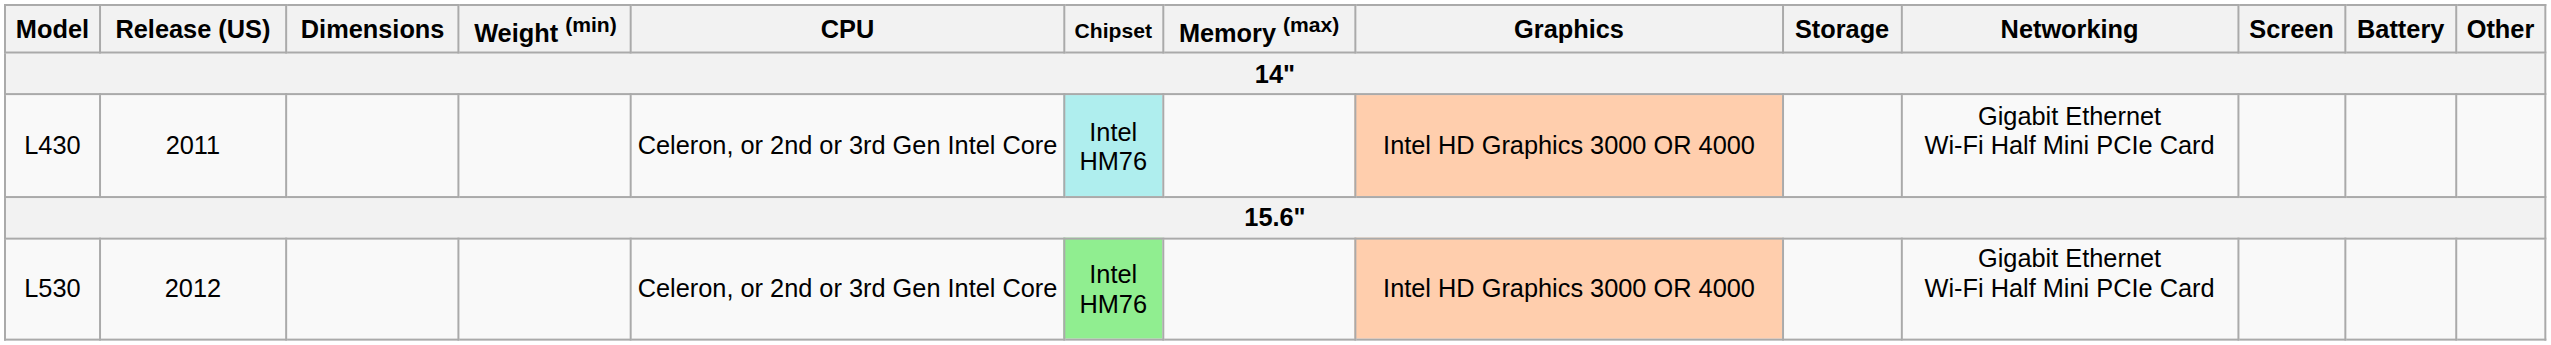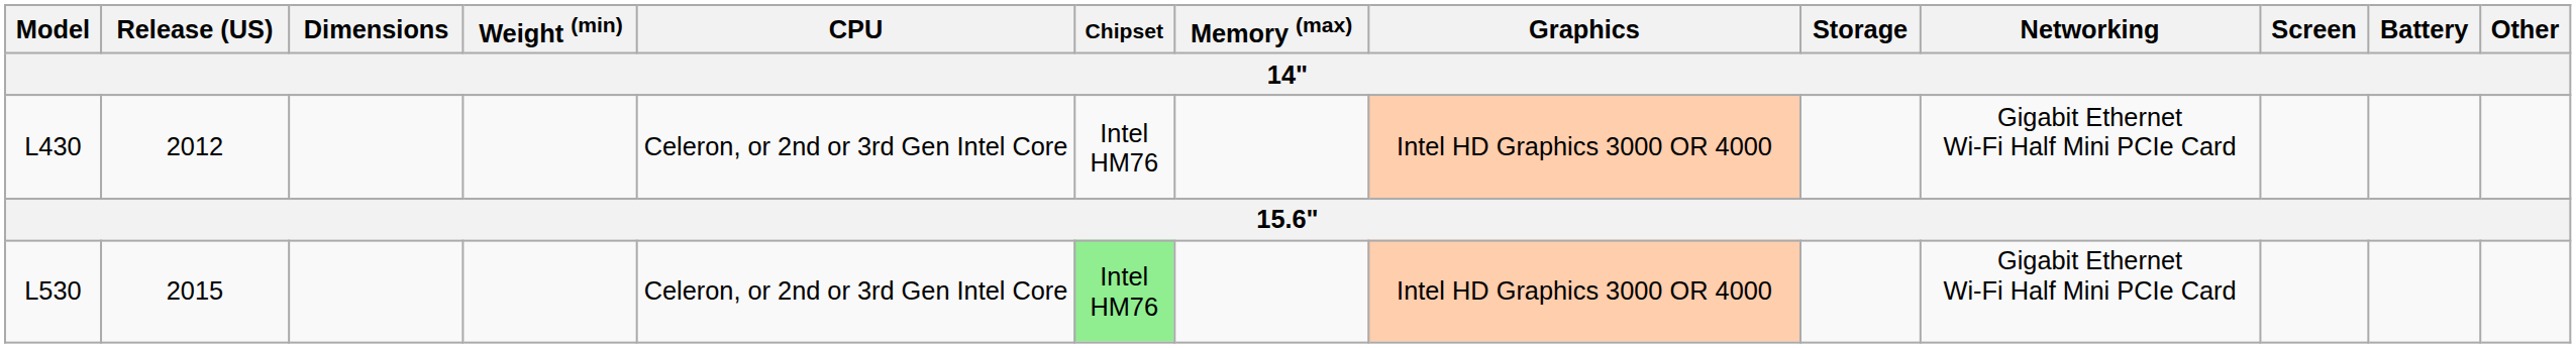 <table class="wikitable" style="font-size: 80%; text-align: center; min-width: 80%;">
 <tr>
 <th>Model</th>
 <th>Release (US)</th>
 <th>Dimensions</th>
 <th>Weight <sup>(min)</sup></th>
 <th style="width:17%">CPU</th>
 <th><small>Chipset</small></th>
 <th>Memory <sup>(max)</sup></th>
 <th>Graphics</th>
 <th>Storage</th>
 <th>Networking</th>
 <th>Screen</th>
 <th>Battery</th>
 <th>Other</th>
 </tr>
 <tr>
 <th colspan=13>14"</th>
 </tr>
 <tr>
 <td>L430</td>
-<td>2011</td>
+<td>2012</td>
 <td></td>
 <td></td>
 <td style="background:">Celeron, or 2nd or 3rd Gen Intel Core</td>
-<td style="background: paleturquoise;">Intel<br>HM76</td>
+<td>Intel<br>HM76</td>
 <td></td>
 <td style="background:#ffcead;">Intel HD Graphics 3000 OR 4000</td>
 <td></td>
 <td>Gigabit Ethernet<br>Wi-Fi Half Mini PCIe Card<br><small><br></small></td>
 <td></td>
 <td></td>
 <td></td>
 </tr>
 <tr>
 <th colspan=13>15.6"</th>
 </tr>
 <tr>
 <td>L530</td>
-<td>2012</td>
+<td>2015</td>
 <td></td>
 <td></td>
 <td style="background:">Celeron, or 2nd or 3rd Gen Intel Core</td>
 <td style="background: lightgreen;">Intel<br>HM76</td>
 <td></td>
 <td style="background:#ffcead;">Intel HD Graphics 3000 OR 4000</td>
 <td></td>
 <td>Gigabit Ethernet<br>Wi-Fi Half Mini PCIe Card<br><small><br></small></td>
 <td></td>
 <td></td>
 <td></td>
 </tr>
 </table>
